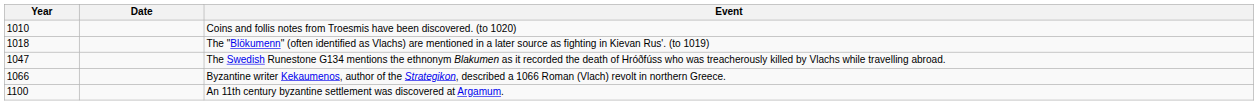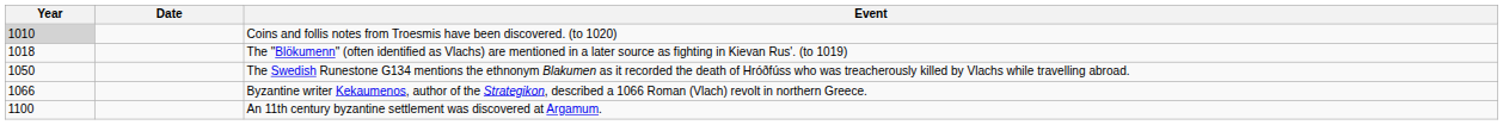 <table class="wikitable" width="100%">
 <tr>
 <th style="width:6%">Year</th>
 <th style="width:10%">Date</th>
 <th>Event</th>
 </tr>
 <tr>
-<td>1010</td>
+<td style="background: lightgrey;">1010</td>
 <td></td>
 <td>Coins and follis notes from Troesmis have been discovered. (to 1020)</td>
 </tr>
 <tr>
 <td>1018</td>
 <td></td>
 <td>The "<a href='#'>Blökumenn</a>" (often identified as Vlachs) are mentioned in a later source as fighting in Kievan Rus'. (to 1019)</td>
 </tr>
 <tr>
-<td>1047</td>
+<td>1050</td>
 <td></td>
 <td>The <a href='#'>Swedish</a> Runestone G134 mentions the ethnonym <em>Blakumen</em> as it recorded the death of Hróðfúss who was treacherously killed by Vlachs while travelling abroad.</td>
 </tr>
 <tr>
 <td>1066</td>
 <td></td>
 <td>Byzantine writer <a href='#'>Kekaumenos</a>, author of the <em><a href='#'>Strategikon</a></em>, described a 1066 Roman (Vlach) revolt in northern Greece.</td>
 </tr>
 <tr>
 <td>1100</td>
 <td></td>
 <td>An 11th century byzantine settlement was discovered at <a href='#'>Argamum</a>.</td>
 </tr>
 </table>
